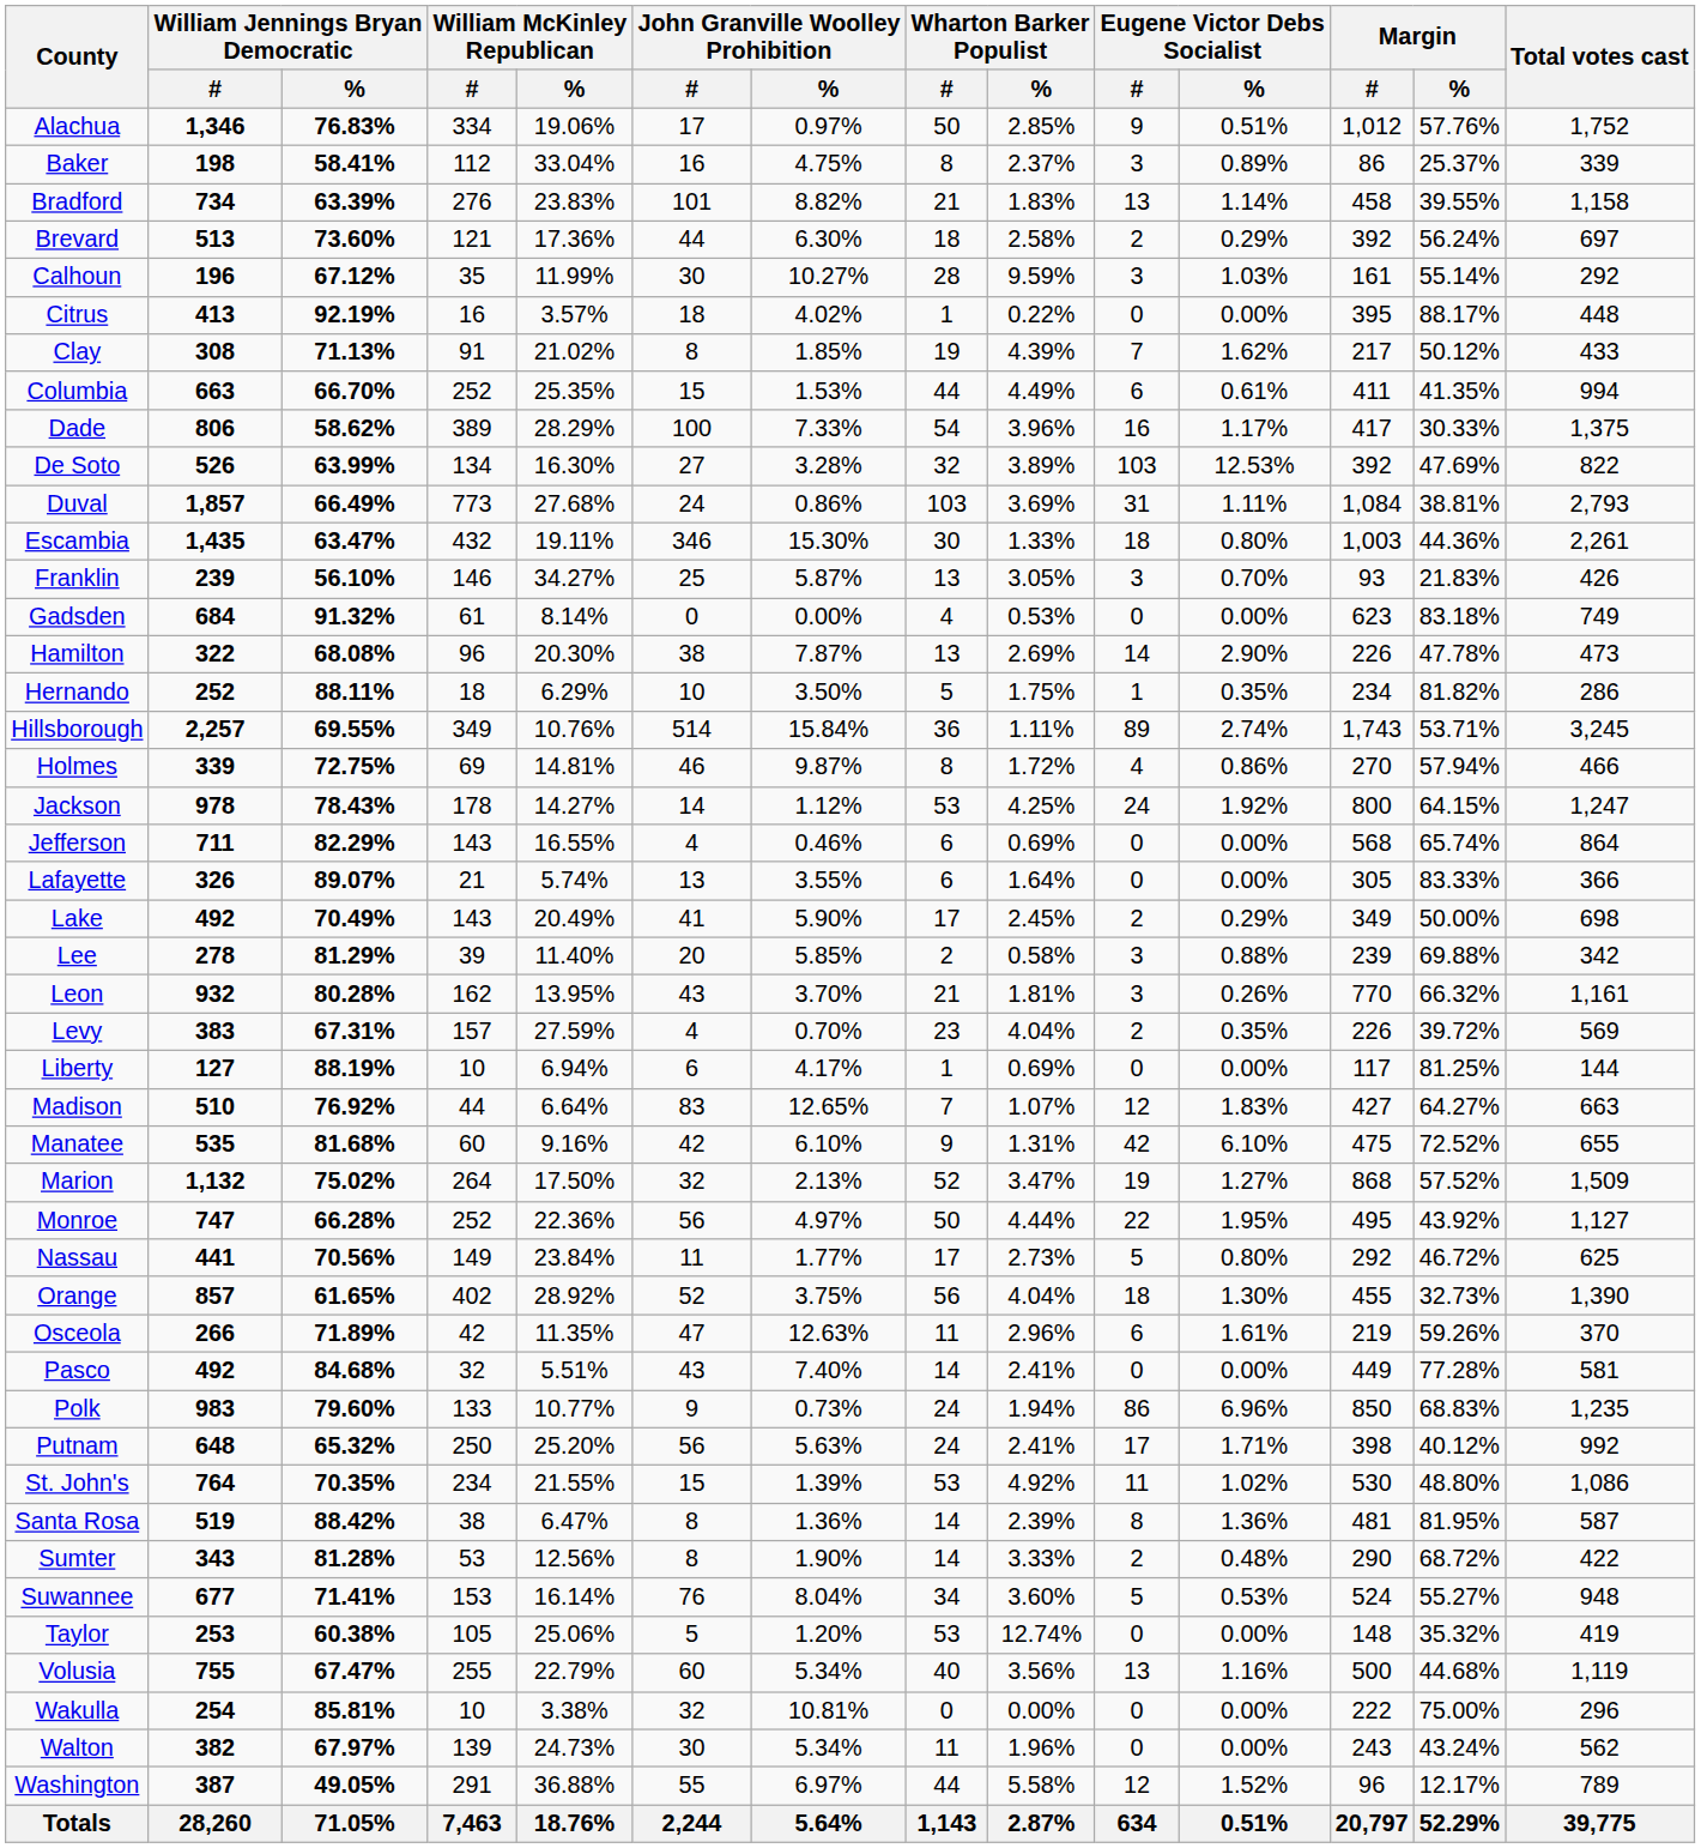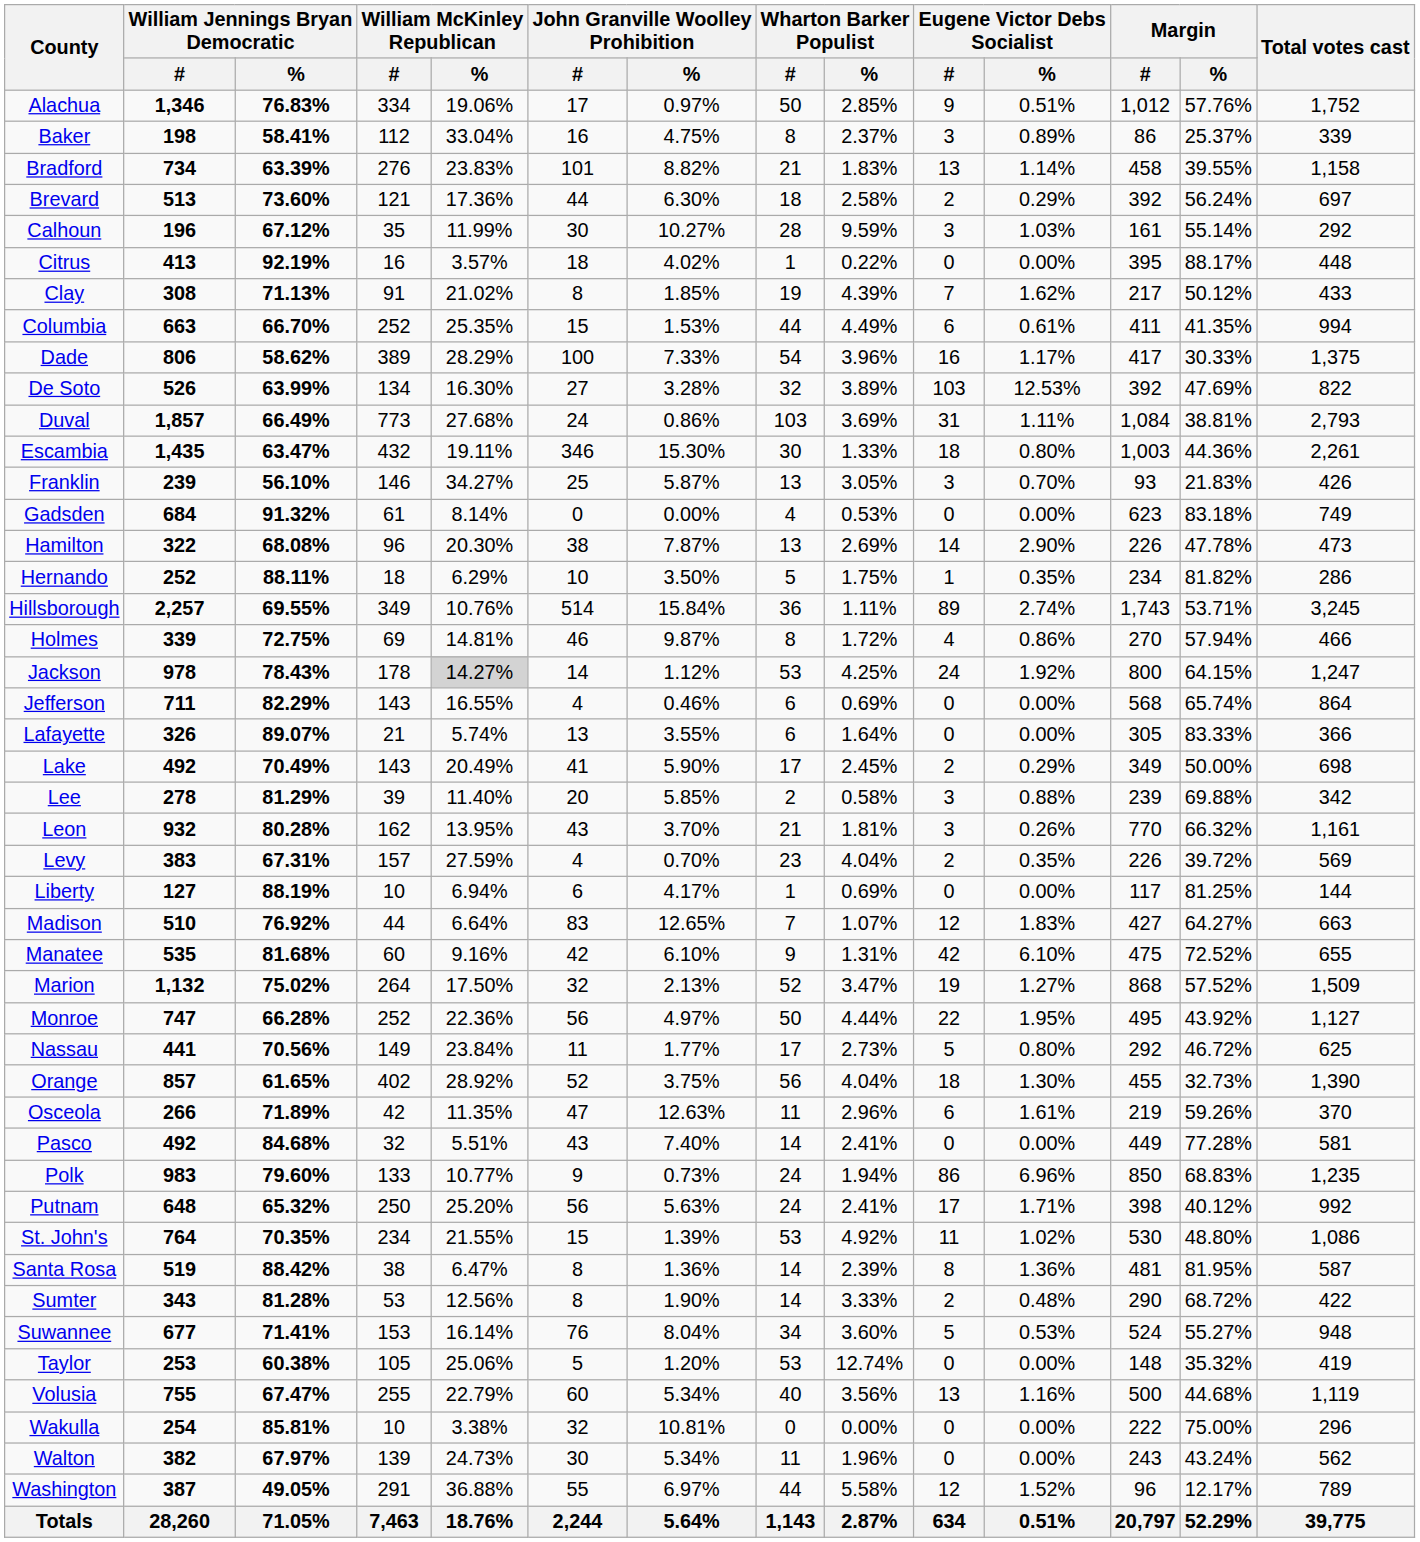 <table class="wikitable sortable" style="text-align:center">
 <tr>
 <th style="text-align:center;" rowspan="2">County</th>
 <th style="text-align:center;" colspan="2">William Jennings Bryan<br> Democratic</th>
 <th style="text-align:center;" colspan="2">William McKinley<br>Republican</th>
 <th style="text-align:center;" colspan="2">John Granville Woolley<br>Prohibition</th>
 <th style="text-align:center;" colspan="2">Wharton Barker<br>Populist</th>
 <th style="text-align:center;" colspan="2">Eugene Victor Debs<br>Socialist</th>
 <th style="text-align:center;" colspan="2">Margin</th>
 <th style="text-align:center;" rowspan="2">Total votes cast</th>
 </tr>
 <tr>
 <th style="text-align:center;" data-sort-type="number">#</th>
 <th style="text-align:center;" data-sort-type="number">%</th>
 <th style="text-align:center;" data-sort-type="number">#</th>
 <th style="text-align:center;" data-sort-type="number">%</th>
 <th style="text-align:center;" data-sort-type="number">#</th>
 <th style="text-align:center;" data-sort-type="number">%</th>
 <th style="text-align:center;" data-sort-type="number">#</th>
 <th style="text-align:center;" data-sort-type="number">%</th>
 <th style="text-align:center;" data-sort-type="number">#</th>
 <th style="text-align:center;" data-sort-type="number">%</th>
 <th style="text-align:center;" data-sort-type="number">#</th>
 <th style="text-align:center;" data-sort-type="number">%</th>
 </tr>
 <tr style="text-align:center;">
 <td><a href='#'>Alachua</a></td>
 <td><strong>1,346</strong></td>
 <td><strong>76.83%</strong></td>
 <td>334</td>
 <td>19.06%</td>
 <td>17</td>
 <td>0.97%</td>
 <td>50</td>
 <td>2.85%</td>
 <td>9</td>
 <td>0.51%</td>
 <td>1,012</td>
 <td>57.76%</td>
 <td>1,752</td>
 </tr>
 <tr style="text-align:center;">
 <td><a href='#'>Baker</a></td>
 <td><strong>198</strong></td>
 <td><strong>58.41%</strong></td>
 <td>112</td>
 <td>33.04%</td>
 <td>16</td>
 <td>4.75%</td>
 <td>8</td>
 <td>2.37%</td>
 <td>3</td>
 <td>0.89%</td>
 <td>86</td>
 <td>25.37%</td>
 <td>339</td>
 </tr>
 <tr style="text-align:center;">
 <td><a href='#'>Bradford</a></td>
 <td><strong>734</strong></td>
 <td><strong>63.39%</strong></td>
 <td>276</td>
 <td>23.83%</td>
 <td>101</td>
 <td>8.82%</td>
 <td>21</td>
 <td>1.83%</td>
 <td>13</td>
 <td>1.14%</td>
 <td>458</td>
 <td>39.55%</td>
 <td>1,158</td>
 </tr>
 <tr style="text-align:center;">
 <td><a href='#'>Brevard</a></td>
 <td><strong>513</strong></td>
 <td><strong>73.60%</strong></td>
 <td>121</td>
 <td>17.36%</td>
 <td>44</td>
 <td>6.30%</td>
 <td>18</td>
 <td>2.58%</td>
 <td>2</td>
 <td>0.29%</td>
 <td>392</td>
 <td>56.24%</td>
 <td>697</td>
 </tr>
 <tr style="text-align:center;">
 <td><a href='#'>Calhoun</a></td>
 <td><strong>196</strong></td>
 <td><strong>67.12%</strong></td>
 <td>35</td>
 <td>11.99%</td>
 <td>30</td>
 <td>10.27%</td>
 <td>28</td>
 <td>9.59%</td>
 <td>3</td>
 <td>1.03%</td>
 <td>161</td>
 <td>55.14%</td>
 <td>292</td>
 </tr>
 <tr style="text-align:center;">
 <td><a href='#'>Citrus</a></td>
 <td><strong>413</strong></td>
 <td><strong>92.19%</strong></td>
 <td>16</td>
 <td>3.57%</td>
 <td>18</td>
 <td>4.02%</td>
 <td>1</td>
 <td>0.22%</td>
 <td>0</td>
 <td>0.00%</td>
 <td>395</td>
 <td>88.17%</td>
 <td>448</td>
 </tr>
 <tr style="text-align:center;">
 <td><a href='#'>Clay</a></td>
 <td><strong>308</strong></td>
 <td><strong>71.13%</strong></td>
 <td>91</td>
 <td>21.02%</td>
 <td>8</td>
 <td>1.85%</td>
 <td>19</td>
 <td>4.39%</td>
 <td>7</td>
 <td>1.62%</td>
 <td>217</td>
 <td>50.12%</td>
 <td>433</td>
 </tr>
 <tr style="text-align:center;">
 <td><a href='#'>Columbia</a></td>
 <td><strong>663</strong></td>
 <td><strong>66.70%</strong></td>
 <td>252</td>
 <td>25.35%</td>
 <td>15</td>
 <td>1.53%</td>
 <td>44</td>
 <td>4.49%</td>
 <td>6</td>
 <td>0.61%</td>
 <td>411</td>
 <td>41.35%</td>
 <td>994</td>
 </tr>
 <tr style="text-align:center;">
 <td><a href='#'>Dade</a></td>
 <td><strong>806</strong></td>
 <td><strong>58.62%</strong></td>
 <td>389</td>
 <td>28.29%</td>
 <td>100</td>
 <td>7.33%</td>
 <td>54</td>
 <td>3.96%</td>
 <td>16</td>
 <td>1.17%</td>
 <td>417</td>
 <td>30.33%</td>
 <td>1,375</td>
 </tr>
 <tr style="text-align:center;">
 <td><a href='#'>De Soto</a></td>
 <td><strong>526</strong></td>
 <td><strong>63.99%</strong></td>
 <td>134</td>
 <td>16.30%</td>
 <td>27</td>
 <td>3.28%</td>
 <td>32</td>
 <td>3.89%</td>
 <td>103</td>
 <td>12.53%</td>
 <td>392</td>
 <td>47.69%</td>
 <td>822</td>
 </tr>
 <tr style="text-align:center;">
 <td><a href='#'>Duval</a></td>
 <td><strong>1,857</strong></td>
 <td><strong>66.49%</strong></td>
 <td>773</td>
 <td>27.68%</td>
 <td>24</td>
 <td>0.86%</td>
 <td>103</td>
 <td>3.69%</td>
 <td>31</td>
 <td>1.11%</td>
 <td>1,084</td>
 <td>38.81%</td>
 <td>2,793</td>
 </tr>
 <tr style="text-align:center;">
 <td><a href='#'>Escambia</a></td>
 <td><strong>1,435</strong></td>
 <td><strong>63.47%</strong></td>
 <td>432</td>
 <td>19.11%</td>
 <td>346</td>
 <td>15.30%</td>
 <td>30</td>
 <td>1.33%</td>
 <td>18</td>
 <td>0.80%</td>
 <td>1,003</td>
 <td>44.36%</td>
 <td>2,261</td>
 </tr>
 <tr style="text-align:center;">
 <td><a href='#'>Franklin</a></td>
 <td><strong>239</strong></td>
 <td><strong>56.10%</strong></td>
 <td>146</td>
 <td>34.27%</td>
 <td>25</td>
 <td>5.87%</td>
 <td>13</td>
 <td>3.05%</td>
 <td>3</td>
 <td>0.70%</td>
 <td>93</td>
 <td>21.83%</td>
 <td>426</td>
 </tr>
 <tr style="text-align:center;">
 <td><a href='#'>Gadsden</a></td>
 <td><strong>684</strong></td>
 <td><strong>91.32%</strong></td>
 <td>61</td>
 <td>8.14%</td>
 <td>0</td>
 <td>0.00%</td>
 <td>4</td>
 <td>0.53%</td>
 <td>0</td>
 <td>0.00%</td>
 <td>623</td>
 <td>83.18%</td>
 <td>749</td>
 </tr>
 <tr style="text-align:center;">
 <td><a href='#'>Hamilton</a></td>
 <td><strong>322</strong></td>
 <td><strong>68.08%</strong></td>
 <td>96</td>
 <td>20.30%</td>
 <td>38</td>
 <td>7.87%</td>
 <td>13</td>
 <td>2.69%</td>
 <td>14</td>
 <td>2.90%</td>
 <td>226</td>
 <td>47.78%</td>
 <td>473</td>
 </tr>
 <tr style="text-align:center;">
 <td><a href='#'>Hernando</a></td>
 <td><strong>252</strong></td>
 <td><strong>88.11%</strong></td>
 <td>18</td>
 <td>6.29%</td>
 <td>10</td>
 <td>3.50%</td>
 <td>5</td>
 <td>1.75%</td>
 <td>1</td>
 <td>0.35%</td>
 <td>234</td>
 <td>81.82%</td>
 <td>286</td>
 </tr>
 <tr style="text-align:center;">
 <td><a href='#'>Hillsborough</a></td>
 <td><strong>2,257</strong></td>
 <td><strong>69.55%</strong></td>
 <td>349</td>
 <td>10.76%</td>
 <td>514</td>
 <td>15.84%</td>
 <td>36</td>
 <td>1.11%</td>
 <td>89</td>
 <td>2.74%</td>
 <td>1,743</td>
 <td>53.71%</td>
 <td>3,245</td>
 </tr>
 <tr style="text-align:center;">
 <td><a href='#'>Holmes</a></td>
 <td><strong>339</strong></td>
 <td><strong>72.75%</strong></td>
 <td>69</td>
 <td>14.81%</td>
 <td>46</td>
 <td>9.87%</td>
 <td>8</td>
 <td>1.72%</td>
 <td>4</td>
 <td>0.86%</td>
 <td>270</td>
 <td>57.94%</td>
 <td>466</td>
 </tr>
 <tr style="text-align:center;">
 <td><a href='#'>Jackson</a></td>
 <td><strong>978</strong></td>
 <td><strong>78.43%</strong></td>
 <td>178</td>
-<td>14.27%</td>
+<td style="background: lightgrey;">14.27%</td>
 <td>14</td>
 <td>1.12%</td>
 <td>53</td>
 <td>4.25%</td>
 <td>24</td>
 <td>1.92%</td>
 <td>800</td>
 <td>64.15%</td>
 <td>1,247</td>
 </tr>
 <tr style="text-align:center;">
 <td><a href='#'>Jefferson</a></td>
 <td><strong>711</strong></td>
 <td><strong>82.29%</strong></td>
 <td>143</td>
 <td>16.55%</td>
 <td>4</td>
 <td>0.46%</td>
 <td>6</td>
 <td>0.69%</td>
 <td>0</td>
 <td>0.00%</td>
 <td>568</td>
 <td>65.74%</td>
 <td>864</td>
 </tr>
 <tr style="text-align:center;">
 <td><a href='#'>Lafayette</a></td>
 <td><strong>326</strong></td>
 <td><strong>89.07%</strong></td>
 <td>21</td>
 <td>5.74%</td>
 <td>13</td>
 <td>3.55%</td>
 <td>6</td>
 <td>1.64%</td>
 <td>0</td>
 <td>0.00%</td>
 <td>305</td>
 <td>83.33%</td>
 <td>366</td>
 </tr>
 <tr style="text-align:center;">
 <td><a href='#'>Lake</a></td>
 <td><strong>492</strong></td>
 <td><strong>70.49%</strong></td>
 <td>143</td>
 <td>20.49%</td>
 <td>41</td>
 <td>5.90%</td>
 <td>17</td>
 <td>2.45%</td>
 <td>2</td>
 <td>0.29%</td>
 <td>349</td>
 <td>50.00%</td>
 <td>698</td>
 </tr>
 <tr style="text-align:center;">
 <td><a href='#'>Lee</a></td>
 <td><strong>278</strong></td>
 <td><strong>81.29%</strong></td>
 <td>39</td>
 <td>11.40%</td>
 <td>20</td>
 <td>5.85%</td>
 <td>2</td>
 <td>0.58%</td>
 <td>3</td>
 <td>0.88%</td>
 <td>239</td>
 <td>69.88%</td>
 <td>342</td>
 </tr>
 <tr style="text-align:center;">
 <td><a href='#'>Leon</a></td>
 <td><strong>932</strong></td>
 <td><strong>80.28%</strong></td>
 <td>162</td>
 <td>13.95%</td>
 <td>43</td>
 <td>3.70%</td>
 <td>21</td>
 <td>1.81%</td>
 <td>3</td>
 <td>0.26%</td>
 <td>770</td>
 <td>66.32%</td>
 <td>1,161</td>
 </tr>
 <tr style="text-align:center;">
 <td><a href='#'>Levy</a></td>
 <td><strong>383</strong></td>
 <td><strong>67.31%</strong></td>
 <td>157</td>
 <td>27.59%</td>
 <td>4</td>
 <td>0.70%</td>
 <td>23</td>
 <td>4.04%</td>
 <td>2</td>
 <td>0.35%</td>
 <td>226</td>
 <td>39.72%</td>
 <td>569</td>
 </tr>
 <tr style="text-align:center;">
 <td><a href='#'>Liberty</a></td>
 <td><strong>127</strong></td>
 <td><strong>88.19%</strong></td>
 <td>10</td>
 <td>6.94%</td>
 <td>6</td>
 <td>4.17%</td>
 <td>1</td>
 <td>0.69%</td>
 <td>0</td>
 <td>0.00%</td>
 <td>117</td>
 <td>81.25%</td>
 <td>144</td>
 </tr>
 <tr style="text-align:center;">
 <td><a href='#'>Madison</a></td>
 <td><strong>510</strong></td>
 <td><strong>76.92%</strong></td>
 <td>44</td>
 <td>6.64%</td>
 <td>83</td>
 <td>12.65%</td>
 <td>7</td>
 <td>1.07%</td>
 <td>12</td>
 <td>1.83%</td>
 <td>427</td>
 <td>64.27%</td>
 <td>663</td>
 </tr>
 <tr style="text-align:center;">
 <td><a href='#'>Manatee</a></td>
 <td><strong>535</strong></td>
 <td><strong>81.68%</strong></td>
 <td>60</td>
 <td>9.16%</td>
 <td>42</td>
 <td>6.10%</td>
 <td>9</td>
 <td>1.31%</td>
 <td>42</td>
 <td>6.10%</td>
 <td>475</td>
 <td>72.52%</td>
 <td>655</td>
 </tr>
 <tr style="text-align:center;">
 <td><a href='#'>Marion</a></td>
 <td><strong>1,132</strong></td>
 <td><strong>75.02%</strong></td>
 <td>264</td>
 <td>17.50%</td>
 <td>32</td>
 <td>2.13%</td>
 <td>52</td>
 <td>3.47%</td>
 <td>19</td>
 <td>1.27%</td>
 <td>868</td>
 <td>57.52%</td>
 <td>1,509</td>
 </tr>
 <tr style="text-align:center;">
 <td><a href='#'>Monroe</a></td>
 <td><strong>747</strong></td>
 <td><strong>66.28%</strong></td>
 <td>252</td>
 <td>22.36%</td>
 <td>56</td>
 <td>4.97%</td>
 <td>50</td>
 <td>4.44%</td>
 <td>22</td>
 <td>1.95%</td>
 <td>495</td>
 <td>43.92%</td>
 <td>1,127</td>
 </tr>
 <tr style="text-align:center;">
 <td><a href='#'>Nassau</a></td>
 <td><strong>441</strong></td>
 <td><strong>70.56%</strong></td>
 <td>149</td>
 <td>23.84%</td>
 <td>11</td>
 <td>1.77%</td>
 <td>17</td>
 <td>2.73%</td>
 <td>5</td>
 <td>0.80%</td>
 <td>292</td>
 <td>46.72%</td>
 <td>625</td>
 </tr>
 <tr style="text-align:center;">
 <td><a href='#'>Orange</a></td>
 <td><strong>857</strong></td>
 <td><strong>61.65%</strong></td>
 <td>402</td>
 <td>28.92%</td>
 <td>52</td>
 <td>3.75%</td>
 <td>56</td>
 <td>4.04%</td>
 <td>18</td>
 <td>1.30%</td>
 <td>455</td>
 <td>32.73%</td>
 <td>1,390</td>
 </tr>
 <tr style="text-align:center;">
 <td><a href='#'>Osceola</a></td>
 <td><strong>266</strong></td>
 <td><strong>71.89%</strong></td>
 <td>42</td>
 <td>11.35%</td>
 <td>47</td>
 <td>12.63%</td>
 <td>11</td>
 <td>2.96%</td>
 <td>6</td>
 <td>1.61%</td>
 <td>219</td>
 <td>59.26%</td>
 <td>370</td>
 </tr>
 <tr style="text-align:center;">
 <td><a href='#'>Pasco</a></td>
 <td><strong>492</strong></td>
 <td><strong>84.68%</strong></td>
 <td>32</td>
 <td>5.51%</td>
 <td>43</td>
 <td>7.40%</td>
 <td>14</td>
 <td>2.41%</td>
 <td>0</td>
 <td>0.00%</td>
 <td>449</td>
 <td>77.28%</td>
 <td>581</td>
 </tr>
 <tr style="text-align:center;">
 <td><a href='#'>Polk</a></td>
 <td><strong>983</strong></td>
 <td><strong>79.60%</strong></td>
 <td>133</td>
 <td>10.77%</td>
 <td>9</td>
 <td>0.73%</td>
 <td>24</td>
 <td>1.94%</td>
 <td>86</td>
 <td>6.96%</td>
 <td>850</td>
 <td>68.83%</td>
 <td>1,235</td>
 </tr>
 <tr style="text-align:center;">
 <td><a href='#'>Putnam</a></td>
 <td><strong>648</strong></td>
 <td><strong>65.32%</strong></td>
 <td>250</td>
 <td>25.20%</td>
 <td>56</td>
 <td>5.63%</td>
 <td>24</td>
 <td>2.41%</td>
 <td>17</td>
 <td>1.71%</td>
 <td>398</td>
 <td>40.12%</td>
 <td>992</td>
 </tr>
 <tr style="text-align:center;">
 <td><a href='#'>St. John's</a></td>
 <td><strong>764</strong></td>
 <td><strong>70.35%</strong></td>
 <td>234</td>
 <td>21.55%</td>
 <td>15</td>
 <td>1.39%</td>
 <td>53</td>
 <td>4.92%</td>
 <td>11</td>
 <td>1.02%</td>
 <td>530</td>
 <td>48.80%</td>
 <td>1,086</td>
 </tr>
 <tr style="text-align:center;">
 <td><a href='#'>Santa Rosa</a></td>
 <td><strong>519</strong></td>
 <td><strong>88.42%</strong></td>
 <td>38</td>
 <td>6.47%</td>
 <td>8</td>
 <td>1.36%</td>
 <td>14</td>
 <td>2.39%</td>
 <td>8</td>
 <td>1.36%</td>
 <td>481</td>
 <td>81.95%</td>
 <td>587</td>
 </tr>
 <tr style="text-align:center;">
 <td><a href='#'>Sumter</a></td>
 <td><strong>343</strong></td>
 <td><strong>81.28%</strong></td>
 <td>53</td>
 <td>12.56%</td>
 <td>8</td>
 <td>1.90%</td>
 <td>14</td>
 <td>3.33%</td>
 <td>2</td>
 <td>0.48%</td>
 <td>290</td>
 <td>68.72%</td>
 <td>422</td>
 </tr>
 <tr style="text-align:center;">
 <td><a href='#'>Suwannee</a></td>
 <td><strong>677</strong></td>
 <td><strong>71.41%</strong></td>
 <td>153</td>
 <td>16.14%</td>
 <td>76</td>
 <td>8.04%</td>
 <td>34</td>
 <td>3.60%</td>
 <td>5</td>
 <td>0.53%</td>
 <td>524</td>
 <td>55.27%</td>
 <td>948</td>
 </tr>
 <tr style="text-align:center;">
 <td><a href='#'>Taylor</a></td>
 <td><strong>253</strong></td>
 <td><strong>60.38%</strong></td>
 <td>105</td>
 <td>25.06%</td>
 <td>5</td>
 <td>1.20%</td>
 <td>53</td>
 <td>12.74%</td>
 <td>0</td>
 <td>0.00%</td>
 <td>148</td>
 <td>35.32%</td>
 <td>419</td>
 </tr>
 <tr style="text-align:center;">
 <td><a href='#'>Volusia</a></td>
 <td><strong>755</strong></td>
 <td><strong>67.47%</strong></td>
 <td>255</td>
 <td>22.79%</td>
 <td>60</td>
 <td>5.34%</td>
 <td>40</td>
 <td>3.56%</td>
 <td>13</td>
 <td>1.16%</td>
 <td>500</td>
 <td>44.68%</td>
 <td>1,119</td>
 </tr>
 <tr style="text-align:center;">
 <td><a href='#'>Wakulla</a></td>
 <td><strong>254</strong></td>
 <td><strong>85.81%</strong></td>
 <td>10</td>
 <td>3.38%</td>
 <td>32</td>
 <td>10.81%</td>
 <td>0</td>
 <td>0.00%</td>
 <td>0</td>
 <td>0.00%</td>
 <td>222</td>
 <td>75.00%</td>
 <td>296</td>
 </tr>
 <tr style="text-align:center;">
 <td><a href='#'>Walton</a></td>
 <td><strong>382</strong></td>
 <td><strong>67.97%</strong></td>
 <td>139</td>
 <td>24.73%</td>
 <td>30</td>
 <td>5.34%</td>
 <td>11</td>
 <td>1.96%</td>
 <td>0</td>
 <td>0.00%</td>
 <td>243</td>
 <td>43.24%</td>
 <td>562</td>
 </tr>
 <tr style="text-align:center;">
 <td><a href='#'>Washington</a></td>
 <td><strong>387</strong></td>
 <td><strong>49.05%</strong></td>
 <td>291</td>
 <td>36.88%</td>
 <td>55</td>
 <td>6.97%</td>
 <td>44</td>
 <td>5.58%</td>
 <td>12</td>
 <td>1.52%</td>
 <td>96</td>
 <td>12.17%</td>
 <td>789</td>
 </tr>
 <tr style="text-align:center;">
 <th>Totals</th>
 <th>28,260</th>
 <th>71.05%</th>
 <th>7,463</th>
 <th>18.76%</th>
 <th>2,244</th>
 <th>5.64%</th>
 <th>1,143</th>
 <th>2.87%</th>
 <th>634</th>
 <th>0.51%</th>
 <th>20,797</th>
 <th>52.29%</th>
 <th>39,775</th>
 </tr>
 </table>
